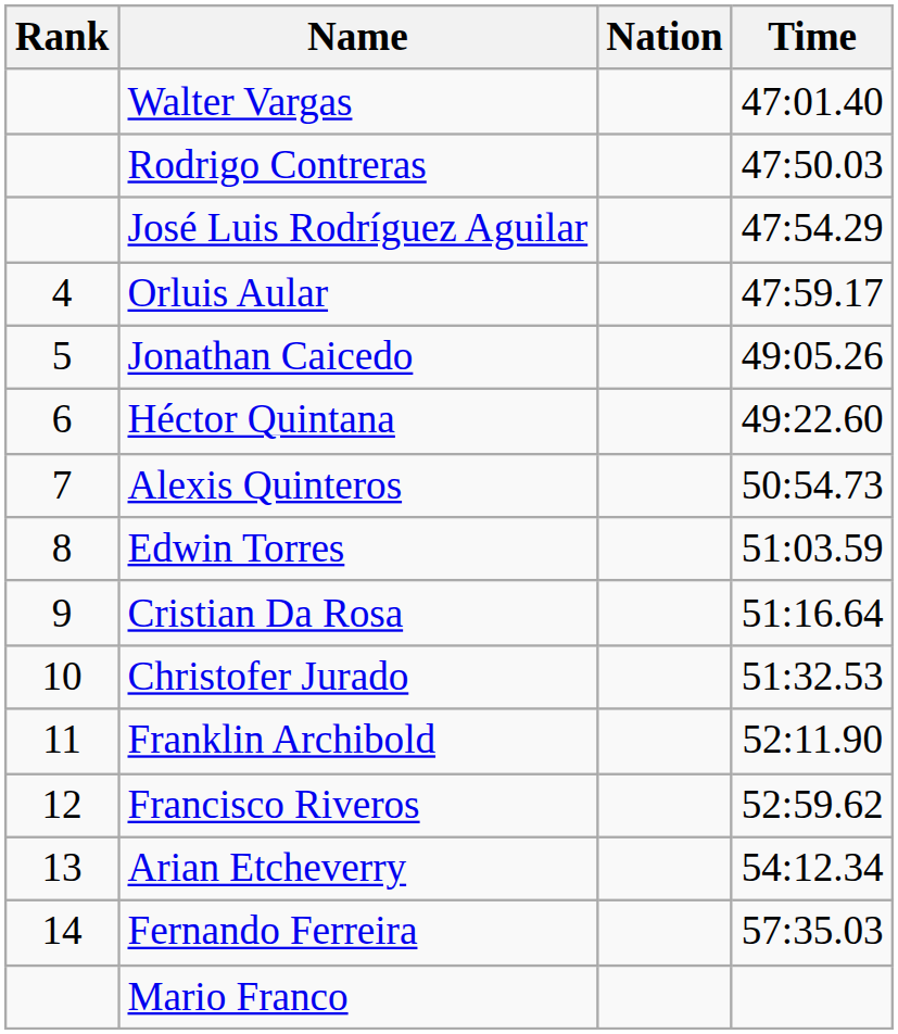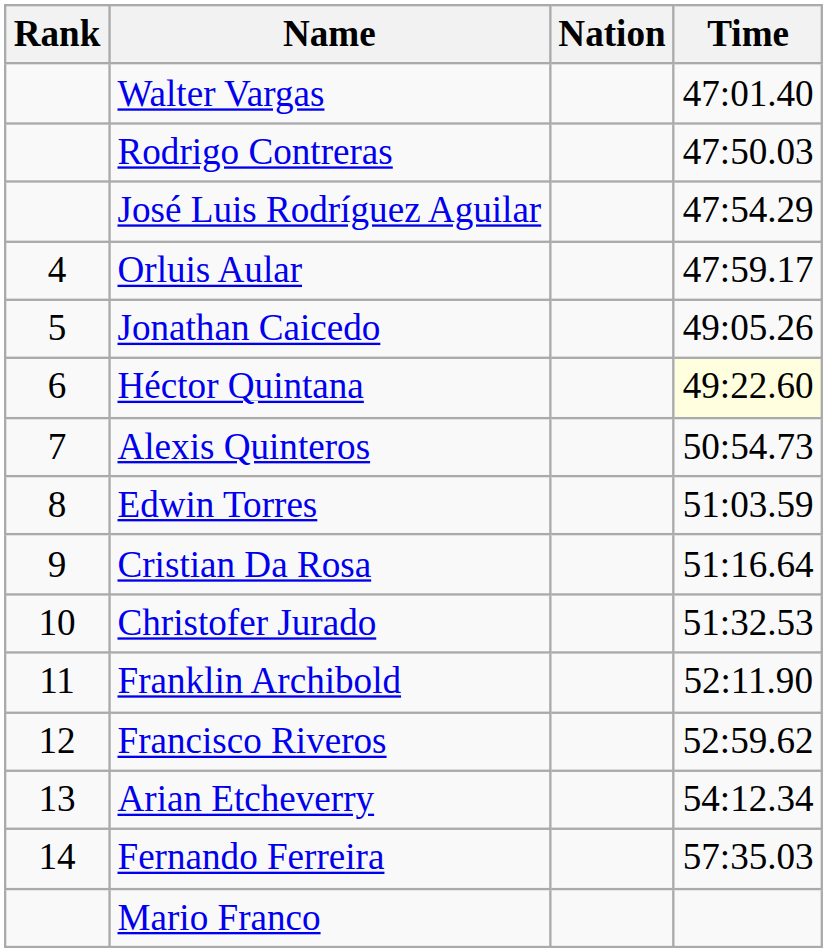 <table class="wikitable" style="text-align:center">
 <tr>
 <th>Rank</th>
 <th>Name</th>
 <th>Nation</th>
 <th>Time</th>
 </tr>
 <tr>
 <td></td>
 <td align=left><a href='#'>Walter Vargas</a></td>
 <td align=left></td>
 <td>47:01.40</td>
 </tr>
 <tr>
 <td></td>
 <td align=left><a href='#'>Rodrigo Contreras</a></td>
 <td align=left></td>
 <td>47:50.03</td>
 </tr>
 <tr>
 <td></td>
 <td align=left><a href='#'>José Luis Rodríguez Aguilar</a></td>
 <td align=left></td>
 <td>47:54.29</td>
 </tr>
 <tr>
 <td>4</td>
 <td align=left><a href='#'>Orluis Aular</a></td>
 <td align=left></td>
 <td>47:59.17</td>
 </tr>
 <tr>
 <td>5</td>
 <td align=left><a href='#'>Jonathan Caicedo</a></td>
 <td align=left></td>
 <td>49:05.26</td>
 </tr>
 <tr>
 <td>6</td>
 <td align=left><a href='#'>Héctor Quintana</a></td>
 <td align=left></td>
-<td>49:22.60</td>
+<td style="background: lightyellow;">49:22.60</td>
 </tr>
 <tr>
 <td>7</td>
 <td align=left><a href='#'>Alexis Quinteros</a></td>
 <td align=left></td>
 <td>50:54.73</td>
 </tr>
 <tr>
 <td>8</td>
 <td align=left><a href='#'>Edwin Torres</a></td>
 <td align=left></td>
 <td>51:03.59</td>
 </tr>
 <tr>
 <td>9</td>
 <td align=left><a href='#'>Cristian Da Rosa</a></td>
 <td align=left></td>
 <td>51:16.64</td>
 </tr>
 <tr>
 <td>10</td>
 <td align=left><a href='#'>Christofer Jurado</a></td>
 <td align=left></td>
 <td>51:32.53</td>
 </tr>
 <tr>
 <td>11</td>
 <td align=left><a href='#'>Franklin Archibold</a></td>
 <td align=left></td>
 <td>52:11.90</td>
 </tr>
 <tr>
 <td>12</td>
 <td align=left><a href='#'>Francisco Riveros</a></td>
 <td align=left></td>
 <td>52:59.62</td>
 </tr>
 <tr>
 <td>13</td>
 <td align=left><a href='#'>Arian Etcheverry</a></td>
 <td align=left></td>
 <td>54:12.34</td>
 </tr>
 <tr>
 <td>14</td>
 <td align=left><a href='#'>Fernando Ferreira</a></td>
 <td align=left></td>
 <td>57:35.03</td>
 </tr>
 <tr>
 <td></td>
 <td align=left><a href='#'>Mario Franco</a></td>
 <td align=left></td>
 <td></td>
 </tr>
 <tr>
 </tr>
 </table>
